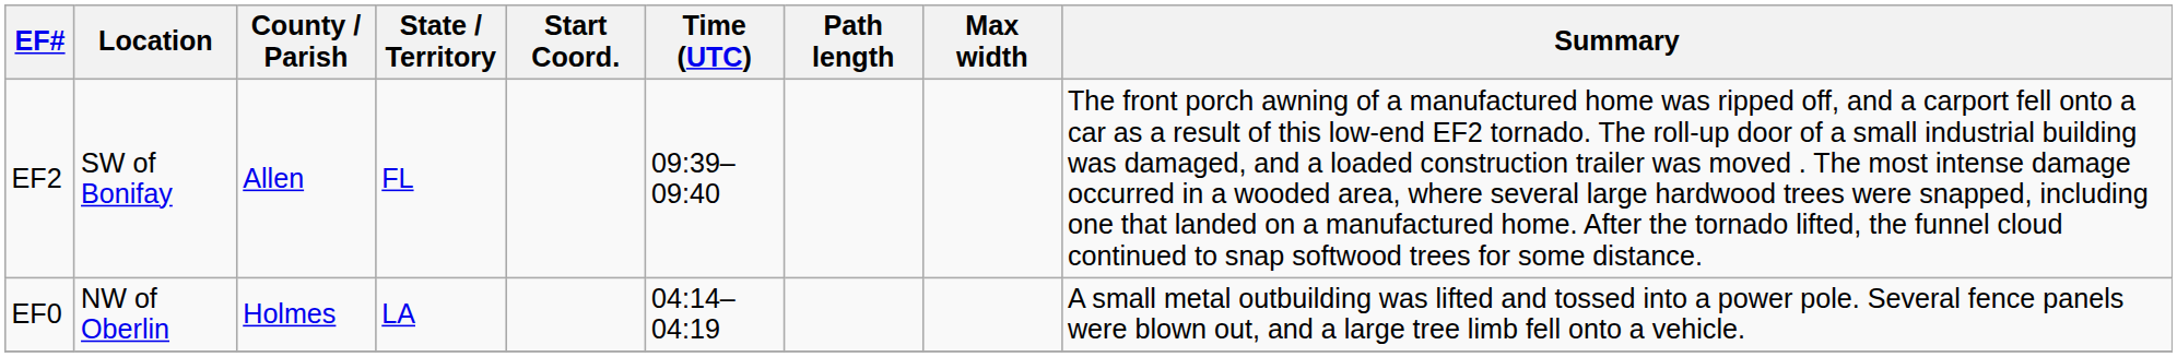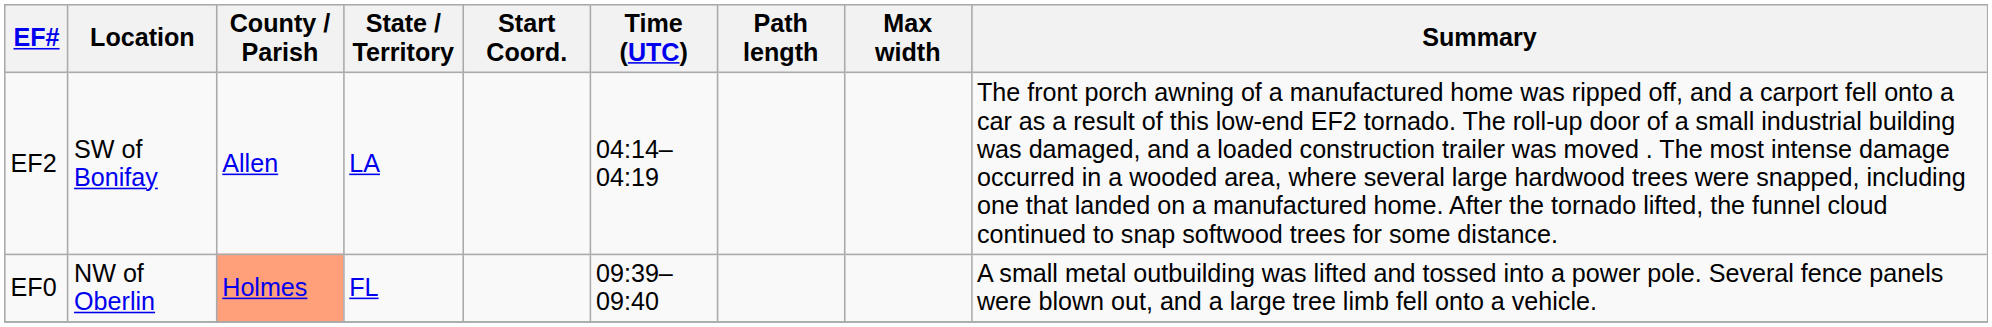 <table class="wikitable sortable" style="width:100%;">
 <tr>
 <th scope="col"  style="width:3%; text-align:center;"><a href='#'>EF#</a></th>
 <th scope="col"  style="width:7%; text-align:center;" class="unsortable">Location</th>
 <th scope="col"  style="width:6%; text-align:center;" class="unsortable">County / Parish</th>
 <th scope="col"  style="width:5%; text-align:center;">State / Territory</th>
 <th scope="col"  style="width:6%; text-align:center;">Start Coord.</th>
 <th scope="col"  style="width:6%; text-align:center;">Time (<a href='#'>UTC</a>)</th>
 <th scope="col"  style="width:6%; text-align:center;">Path length</th>
 <th scope="col"  style="width:6%; text-align:center;">Max width</th>
 <th scope="col" class="unsortable" style="width:48%; text-align:center;">Summary</th>
 </tr>
 <tr>
 <td>EF2</td>
 <td>SW of <a href='#'>Bonifay</a></td>
 <td><a href='#'>Allen</a></td>
-<td><a href='#'>FL</a></td>
+<td><a href='#'>LA</a></td>
 <td></td>
-<td>09:39–09:40</td>
+<td>04:14–04:19</td>
 <td></td>
 <td></td>
 <td>The front porch awning of a manufactured home was ripped off, and a carport fell onto a car as a result of this low-end EF2 tornado. The roll-up door of a small industrial building was damaged, and a loaded construction trailer was moved . The most intense damage occurred in a wooded area, where several large hardwood trees were snapped, including one that landed on a manufactured home. After the tornado lifted, the funnel cloud continued to snap softwood trees for some distance.</td>
 </tr>
 <tr>
 <td>EF0</td>
 <td>NW of <a href='#'>Oberlin</a></td>
-<td><a href='#'>Holmes</a></td>
-<td><a href='#'>LA</a></td>
+<td style="background: lightsalmon;"><a href='#'>Holmes</a></td>
+<td><a href='#'>FL</a></td>
 <td></td>
-<td>04:14–04:19</td>
+<td>09:39–09:40</td>
 <td></td>
 <td></td>
 <td>A small metal outbuilding was lifted and tossed into a power pole. Several fence panels were blown out, and a large tree limb fell onto a vehicle.</td>
 </tr>
 <tr>
 </tr>
 </table>
